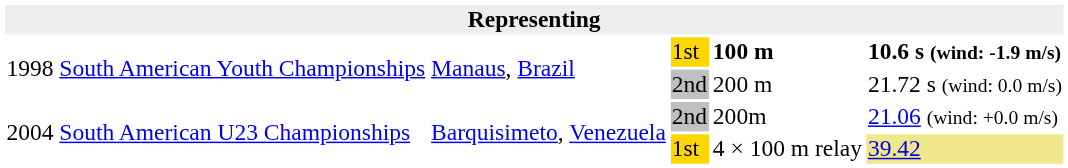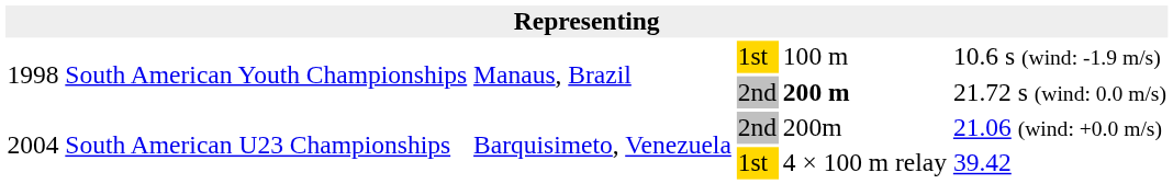 <table>
 <tr>
 <th bgcolor="#eeeeee" colspan="6">Representing </th>
 </tr>
 <tr>
 <td rowspan=2>1998</td>
 <td rowspan=2><a href='#'>South American Youth Championships</a></td>
 <td rowspan=2><a href='#'>Manaus</a>, <a href='#'>Brazil</a></td>
 <td bgcolor=gold>1st</td>
-<td><strong>100 m</strong></td>
-<td><strong>10.6 s <small>(wind: -1.9 m/s)</small></strong></td>
+<td>100 m</td>
+<td>10.6 s <small>(wind: -1.9 m/s)</small></td>
 </tr>
 <tr>
 <td bgcolor=silver>2nd</td>
-<td>200 m</td>
+<td><strong>200 m</strong></td>
 <td>21.72 s <small>(wind: 0.0 m/s)</small></td>
 </tr>
 <tr>
 <td rowspan=2>2004</td>
 <td rowspan=2><a href='#'>South American U23 Championships</a></td>
 <td rowspan=2><a href='#'>Barquisimeto</a>, <a href='#'>Venezuela</a></td>
 <td bgcolor=silver>2nd</td>
 <td>200m</td>
 <td><a href='#'>21.06</a> <small>(wind: +0.0 m/s)</small></td>
 </tr>
 <tr>
 <td bgcolor=gold>1st</td>
 <td>4 × 100 m relay</td>
-<td style="background: khaki;"><a href='#'>39.42</a></td>
+<td><a href='#'>39.42</a></td>
 </tr>
 </table>
